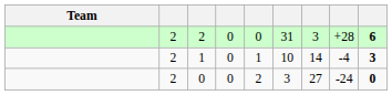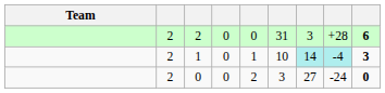 <table class="wikitable" style="text-align: center; font-size: 90%;">
 <tr>
 <th width="165">Team</th>
 <th width="25"></th>
 <th width="25"></th>
 <th width="25"></th>
 <th width="25"></th>
 <th width="25"></th>
 <th width="25"></th>
 <th width="25"></th>
 <th width="25"><br></th>
 </tr>
 <tr align=center bgcolor="ccffcc">
 <td style="text-align:left;"><strong></strong></td>
 <td>2</td>
 <td>2</td>
 <td>0</td>
 <td>0</td>
 <td>31</td>
 <td>3</td>
 <td>+28</td>
 <td><strong>6</strong></td>
 </tr>
 <tr align=center>
 <td style="text-align:left;"></td>
 <td>2</td>
 <td>1</td>
 <td>0</td>
 <td>1</td>
 <td>10</td>
-<td>14</td>
-<td>-4</td>
+<td style="background: paleturquoise;">14</td>
+<td style="background: paleturquoise;">-4</td>
 <td><strong>3</strong></td>
 </tr>
 <tr align=center>
 <td style="text-align:left;"></td>
 <td>2</td>
 <td>0</td>
 <td>0</td>
 <td>2</td>
 <td>3</td>
 <td>27</td>
 <td>-24</td>
 <td><strong>0</strong></td>
 </tr>
 </table>
